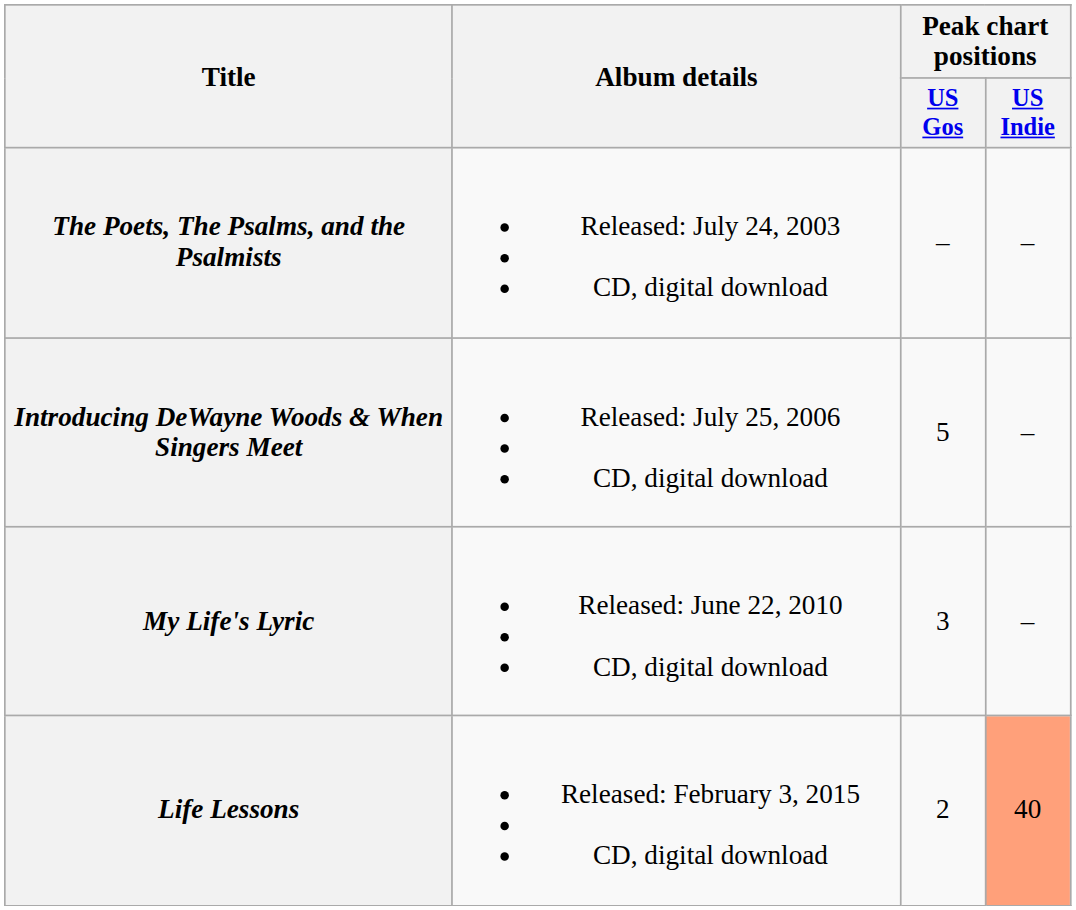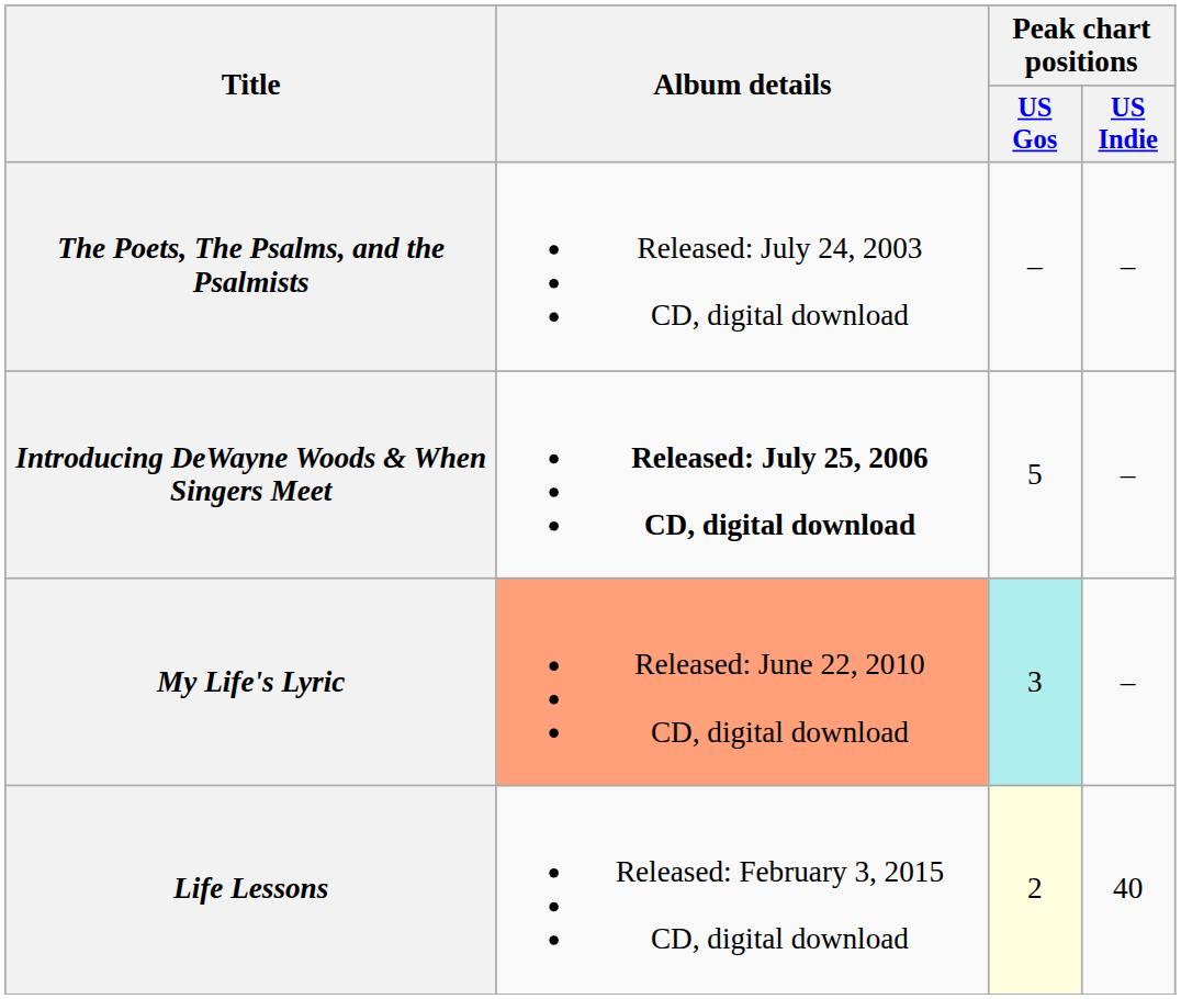 <table class="wikitable plainrowheaders" style="text-align:center;">
 <tr>
 <th scope="col" rowspan="2" style="width:16em;">Title</th>
 <th scope="col" rowspan="2" style="width:16em;">Album details</th>
 <th scope="col" colspan="3">Peak chart positions</th>
 </tr>
 <tr>
 <th style="width:3em; font-size:90%"><a href='#'>US<br>Gos</a></th>
 <th style="width:3em; font-size:90%"><a href='#'>US<br>Indie</a></th>
 </tr>
 <tr>
 <th scope="row"><em>The Poets, The Psalms, and the Psalmists</em></th>
 <td><br><ul><li>Released: July 24, 2003</li><li></li><li>CD, digital download</li></ul></td>
 <td>–</td>
 <td>–</td>
 </tr>
 <tr>
 <th scope="row"><em>Introducing DeWayne Woods & When Singers Meet </em></th>
-<td><br><ul><li>Released: July 25, 2006</li><li></li><li>CD, digital download</li></ul></td>
+<td><strong><br><ul><li>Released: July 25, 2006</li><li></li><li>CD, digital download</li></ul></strong></td>
 <td>5</td>
 <td>–</td>
 </tr>
 <tr>
 <th scope="row"><em>My Life's Lyric</em></th>
-<td><br><ul><li>Released: June 22, 2010</li><li></li><li>CD, digital download</li></ul></td>
-<td>3</td>
+<td style="background: lightsalmon;"><br><ul><li>Released: June 22, 2010</li><li></li><li>CD, digital download</li></ul></td>
+<td style="background: paleturquoise;">3</td>
 <td>–</td>
 </tr>
 <tr>
 <th scope="row"><em>Life Lessons</em></th>
 <td><br><ul><li>Released: February 3, 2015</li><li></li><li>CD, digital download</li></ul></td>
-<td>2</td>
-<td style="background: lightsalmon;">40</td>
+<td style="background: lightyellow;">2</td>
+<td>40</td>
 </tr>
 </table>
